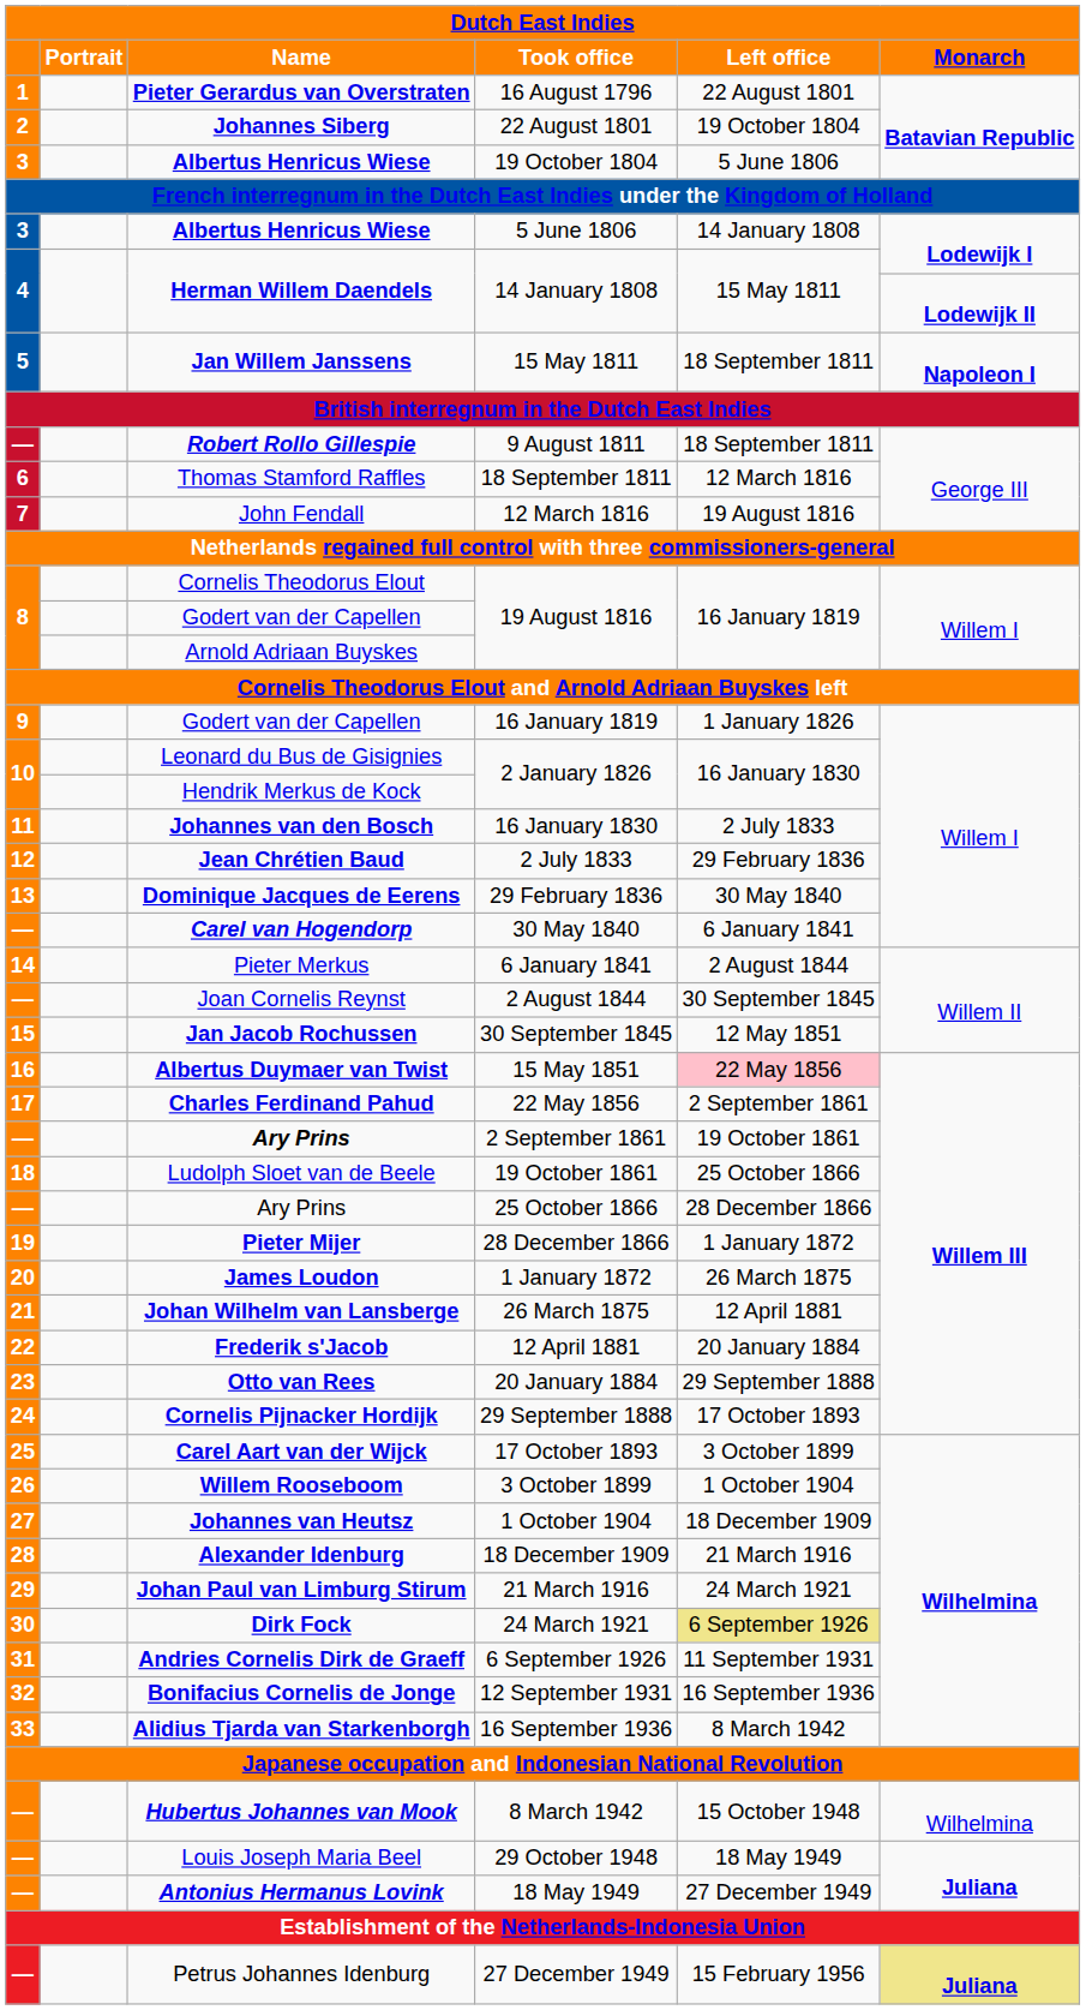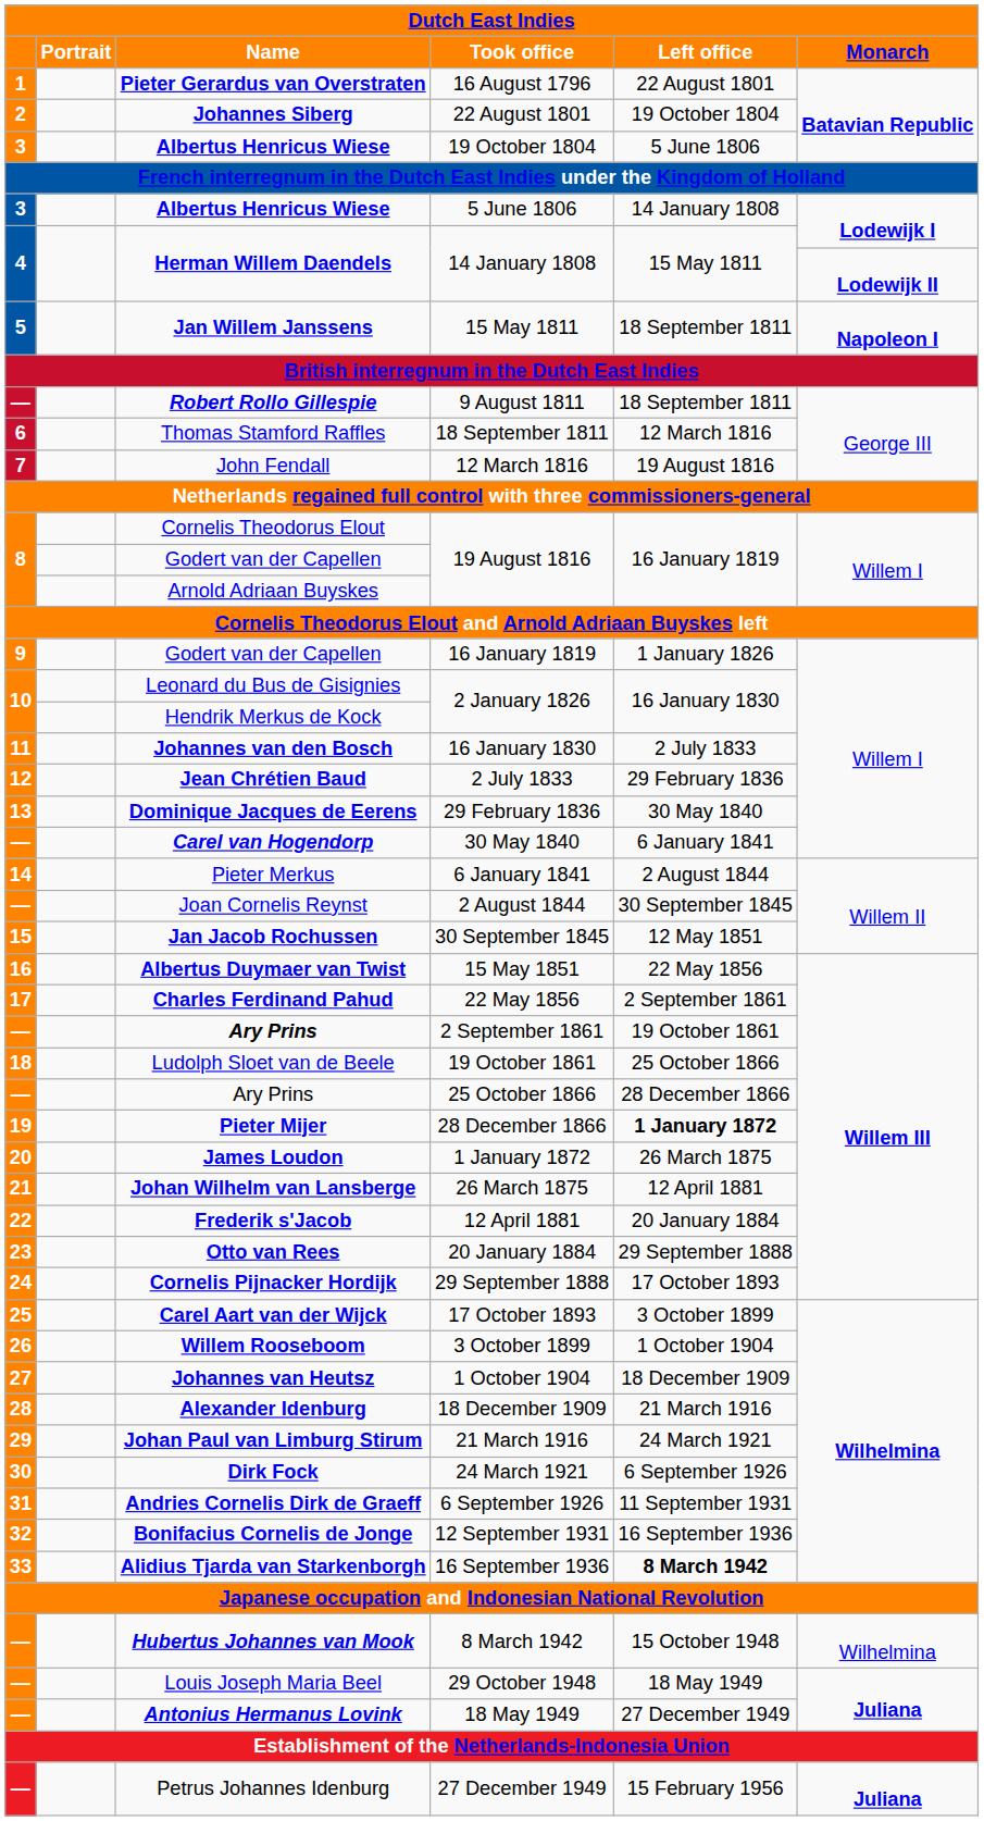 <table class="wikitable" style="text-align:center">
 <tr>
 <th style="background:#FD8301; color:white;" colspan="6"> <a href='#'><span>Dutch East Indies</span></a></th>
 </tr>
 <tr>
 <th style="background:#FD8301; color:white;"></th>
 <th style="background:#FD8301; color:white;">Portrait</th>
 <th style="background:#FD8301; color:white;">Name</th>
 <th style="background:#FD8301; color:white;">Took office</th>
 <th style="background:#FD8301; color:white;">Left office</th>
 <th style="background:#FD8301; color:white;"><a href='#'><span>Monarch</span></a></th>
 </tr>
 <tr>
 <th style="background:#FD8301; color:white;">1</th>
 <td></td>
 <td><strong><a href='#'>Pieter Gerardus van Overstraten</a></strong><br></td>
 <td>16 August 1796</td>
 <td>22 August 1801</td>
 <td rowspan="3"><br><strong><a href='#'>Batavian Republic</a></strong></td>
 </tr>
 <tr>
 <th style="background:#FD8301; color:white;">2</th>
 <td></td>
 <td><strong><a href='#'>Johannes Siberg</a></strong><br></td>
 <td>22 August 1801</td>
 <td>19 October 1804</td>
 </tr>
 <tr>
 <th style="background:#FD8301; color:white;">3</th>
 <td></td>
 <td><strong><a href='#'>Albertus Henricus Wiese</a></strong><br></td>
 <td>19 October 1804</td>
 <td>5 June 1806</td>
 </tr>
 <tr>
 <th style="background:#0055A4; color:#FFFFFF;" colspan="6"><a href='#'><span>French interregnum in the Dutch East Indies</span></a> under the <a href='#'><span>Kingdom of Holland</span></a></th>
 </tr>
 <tr>
 <th style="background:#0055A4; color:#FFFFFF;">3</th>
 <td></td>
 <td><strong><a href='#'>Albertus Henricus Wiese</a></strong><br></td>
 <td>5 June 1806</td>
 <td>14 January 1808</td>
 <td rowspan="2"><br><strong><a href='#'>Lodewijk I</a></strong></td>
 </tr>
 <tr>
 <th style="background:#0055A4; color:#FFFFFF;" rowspan="2">4</th>
 <td rowspan="2"></td>
 <td rowspan="2"><strong><a href='#'>Herman Willem Daendels</a></strong><br></td>
 <td rowspan="2">14 January 1808</td>
 <td rowspan="2">15 May 1811</td>
 </tr>
 <tr>
 <td><br><strong><a href='#'>Lodewijk II</a></strong></td>
 </tr>
 <tr>
 <th style="background:#0055A4; color:#FFFFFF;">5</th>
 <td></td>
 <td><strong><a href='#'>Jan Willem Janssens</a></strong><br></td>
 <td>15 May 1811</td>
 <td>18 September 1811</td>
 <td><br><strong><a href='#'>Napoleon I</a></strong></td>
 </tr>
 <tr>
 <th style="background:#C8102E; color:#FFFFFF;" colspan="6"><a href='#'><span>British interregnum in the Dutch East Indies</span></a></th>
 </tr>
 <tr>
 <th style="background:#C8102E; color:#FFFFFF;">—</th>
 <td></td>
 <td><strong><em><a href='#'>Robert Rollo Gillespie</a><strong><br><em></td>
 <td>9 August 1811</td>
 <td>18 September 1811</td>
 <td rowspan="3"><br></strong><a href='#'>George III</a><strong></td>
 </tr>
 <tr>
 <th style="background:#C8102E; color:#FFFFFF;">6</th>
 <td></td>
 <td></strong><a href='#'>Thomas Stamford Raffles</a><strong><br></td>
 <td>18 September 1811</td>
 <td>12 March 1816</td>
 </tr>
 <tr>
 <th style="background:#C8102E; color:#FFFFFF;">7</th>
 <td></td>
 <td></strong><a href='#'>John Fendall</a><strong><br></td>
 <td>12 March 1816</td>
 <td>19 August 1816</td>
 </tr>
 <tr>
 <th style="background:#FD8301; color:white;" colspan="6">Netherlands <a href='#'><span>regained full control</span></a> with three <a href='#'><span>commissioners-general</span></a></th>
 </tr>
 <tr>
 <th rowspan="3" style="background:#FD8301; color:white;">8</th>
 <td></td>
 <td></strong><a href='#'>Cornelis Theodorus Elout</a><strong><br></td>
 <td rowspan="3">19 August 1816</td>
 <td rowspan="3">16 January 1819</td>
 <td rowspan="3"><br></strong><a href='#'>Willem I</a><strong></td>
 </tr>
 <tr>
 <td></td>
 <td></strong><a href='#'>Godert van der Capellen</a><strong><br></td>
 </tr>
 <tr>
 <td></td>
 <td></strong><a href='#'>Arnold Adriaan Buyskes</a><strong><br></td>
 </tr>
 <tr>
 <th style="background:#FD8301; color:white;" colspan="6"><a href='#'><span>Cornelis Theodorus Elout</span></a> and <a href='#'><span>Arnold Adriaan Buyskes</span></a> left</th>
 </tr>
 <tr>
 <th style="background:#FD8301; color:white;">9</th>
 <td></td>
 <td></strong><a href='#'>Godert van der Capellen</a><strong><br></td>
 <td>16 January 1819</td>
 <td>1 January 1826</td>
 <td rowspan="7"><br></strong><a href='#'>Willem I</a><strong></td>
 </tr>
 <tr>
 <th rowspan="2" style="background:#FD8301; color:white;">10</th>
 <td></td>
 <td></strong><a href='#'>Leonard du Bus de Gisignies</a><strong><br></td>
 <td rowspan="2">2 January 1826</td>
 <td rowspan="2">16 January 1830</td>
 </tr>
 <tr>
 <td></td>
 <td></em></strong><a href='#'>Hendrik Merkus de Kock</a></strong><br></em></td>
 </tr>
 <tr>
 <th style="background:#FD8301; color:white;">11</th>
 <td></td>
 <td><strong><a href='#'>Johannes van den Bosch</a></strong><br></td>
 <td>16 January 1830</td>
 <td>2 July 1833</td>
 </tr>
 <tr>
 <th style="background:#FD8301; color:white;">12</th>
 <td></td>
 <td><strong><a href='#'>Jean Chrétien Baud</a></strong><br></td>
 <td>2 July 1833</td>
 <td>29 February 1836</td>
 </tr>
 <tr>
 <th style="background:#FD8301; color:white;">13</th>
 <td></td>
 <td><strong><a href='#'>Dominique Jacques de Eerens</a></strong><br></td>
 <td>29 February 1836</td>
 <td>30 May 1840</td>
 </tr>
 <tr>
 <th style="background:#FD8301; color:white;">—</th>
 <td></td>
 <td><strong><em><a href='#'>Carel van Hogendorp</a><strong><br><em></td>
 <td>30 May 1840</td>
 <td>6 January 1841</td>
 </tr>
 <tr>
 <th style="background:#FD8301; color:white;">14</th>
 <td></td>
 <td></strong><a href='#'>Pieter Merkus</a><strong><br></td>
 <td>6 January 1841</td>
 <td>2 August 1844</td>
 <td rowspan="3"><br></strong><a href='#'>Willem II</a><strong></td>
 </tr>
 <tr>
 <th style="background:#FD8301; color:white;">—</th>
 <td></td>
 <td></em></strong><a href='#'>Joan Cornelis Reynst</a></strong><br></em></td>
 <td>2 August 1844</td>
 <td>30 September 1845</td>
 </tr>
 <tr>
 <th style="background:#FD8301; color:white;">15</th>
 <td></td>
 <td><strong><a href='#'>Jan Jacob Rochussen</a></strong><br></td>
 <td>30 September 1845</td>
 <td>12 May 1851</td>
 </tr>
 <tr>
 <th style="background:#FD8301; color:white;">16</th>
 <td></td>
 <td><strong><a href='#'>Albertus Duymaer van Twist</a></strong><br></td>
 <td>15 May 1851</td>
-<td style="background: pink;">22 May 1856</td>
+<td>22 May 1856</td>
 <td rowspan="11"><br><strong><a href='#'>Willem III</a></strong></td>
 </tr>
 <tr>
 <th style="background:#FD8301; color:white;">17</th>
 <td></td>
 <td><strong><a href='#'>Charles Ferdinand Pahud</a></strong><br></td>
 <td>22 May 1856</td>
 <td>2 September 1861</td>
 </tr>
 <tr>
 <th style="background:#FD8301; color:white;">—</th>
 <td></td>
 <td><strong><em>Ary Prins<strong><br><em></td>
 <td>2 September 1861</td>
 <td>19 October 1861</td>
 </tr>
 <tr>
 <th style="background:#FD8301; color:white;">18</th>
 <td></td>
 <td></strong><a href='#'>Ludolph Sloet van de Beele</a><strong><br></td>
 <td>19 October 1861</td>
 <td>25 October 1866</td>
 </tr>
 <tr>
 <th style="background:#FD8301; color:white;">—</th>
 <td></td>
 <td></em></strong>Ary Prins</strong><br></em></td>
 <td>25 October 1866</td>
 <td>28 December 1866</td>
 </tr>
 <tr>
 <th style="background:#FD8301; color:white;">19</th>
 <td></td>
 <td><strong><a href='#'>Pieter Mijer</a></strong><br></td>
 <td>28 December 1866</td>
-<td>1 January 1872</td>
+<td><strong>1 January 1872</strong></td>
 </tr>
 <tr>
 <th style="background:#FD8301; color:white;">20</th>
 <td></td>
 <td><strong><a href='#'>James Loudon</a></strong><br></td>
 <td>1 January 1872</td>
 <td>26 March 1875</td>
 </tr>
 <tr>
 <th style="background:#FD8301; color:white;">21</th>
 <td></td>
 <td><strong><a href='#'>Johan Wilhelm van Lansberge</a></strong><br></td>
 <td>26 March 1875</td>
 <td>12 April 1881</td>
 </tr>
 <tr>
 <th style="background:#FD8301; color:white;">22</th>
 <td></td>
 <td><strong><a href='#'>Frederik s'Jacob</a></strong><br></td>
 <td>12 April 1881</td>
 <td>20 January 1884</td>
 </tr>
 <tr>
 <th style="background:#FD8301; color:white;">23</th>
 <td></td>
 <td><strong><a href='#'>Otto van Rees</a></strong><br></td>
 <td>20 January 1884</td>
 <td>29 September 1888</td>
 </tr>
 <tr>
 <th style="background:#FD8301; color:white;">24</th>
 <td></td>
 <td><strong><a href='#'>Cornelis Pijnacker Hordijk</a></strong><br></td>
 <td>29 September 1888</td>
 <td>17 October 1893</td>
 </tr>
 <tr>
 <th style="background:#FD8301; color:white;">25</th>
 <td></td>
 <td><strong><a href='#'>Carel Aart van der Wijck</a></strong><br></td>
 <td>17 October 1893</td>
 <td>3 October 1899</td>
 <td rowspan="9"><br><strong><a href='#'>Wilhelmina</a></strong></td>
 </tr>
 <tr>
 <th style="background:#FD8301; color:white;">26</th>
 <td></td>
 <td><strong><a href='#'>Willem Rooseboom</a></strong><br></td>
 <td>3 October 1899</td>
 <td>1 October 1904</td>
 </tr>
 <tr>
 <th style="background:#FD8301; color:white;">27</th>
 <td></td>
 <td><strong><a href='#'>Johannes van Heutsz</a></strong><br></td>
 <td>1 October 1904</td>
 <td>18 December 1909</td>
 </tr>
 <tr>
 <th style="background:#FD8301; color:white;">28</th>
 <td></td>
 <td><strong><a href='#'>Alexander Idenburg</a></strong><br></td>
 <td>18 December 1909</td>
 <td>21 March 1916</td>
 </tr>
 <tr>
 <th style="background:#FD8301; color:white;">29</th>
 <td></td>
 <td><strong><a href='#'>Johan Paul van Limburg Stirum</a></strong><br></td>
 <td>21 March 1916</td>
 <td>24 March 1921</td>
 </tr>
 <tr>
 <th style="background:#FD8301; color:white;">30</th>
 <td></td>
 <td><strong><a href='#'>Dirk Fock</a></strong><br></td>
 <td>24 March 1921</td>
-<td style="background: khaki;">6 September 1926</td>
+<td>6 September 1926</td>
 </tr>
 <tr>
 <th style="background:#FD8301; color:white;">31</th>
 <td></td>
 <td><strong><a href='#'>Andries Cornelis Dirk de Graeff</a></strong><br></td>
 <td>6 September 1926</td>
 <td>11 September 1931</td>
 </tr>
 <tr>
 <th style="background:#FD8301; color:white;">32</th>
 <td></td>
 <td><strong><a href='#'>Bonifacius Cornelis de Jonge</a></strong><br></td>
 <td>12 September 1931</td>
 <td>16 September 1936</td>
 </tr>
 <tr>
 <th style="background:#FD8301; color:white;">33</th>
 <td></td>
 <td><strong><a href='#'>Alidius Tjarda van Starkenborgh</a></strong><br></td>
 <td>16 September 1936</td>
-<td>8 March 1942</td>
+<td><strong>8 March 1942</strong></td>
 </tr>
 <tr>
 <th style="background:#FD8301; color:white;" colspan="6"><a href='#'><span>Japanese occupation</span></a> and <a href='#'><span>Indonesian National Revolution</span></a></th>
 </tr>
 <tr>
 <th style="background:#FD8301; color:white;">—</th>
 <td></td>
 <td><strong><em><a href='#'>Hubertus Johannes van Mook</a><strong><br><em></td>
 <td>8 March 1942</td>
 <td>15 October 1948</td>
 <td><br></strong><a href='#'>Wilhelmina</a><strong></td>
 </tr>
 <tr>
 <th style="background:#FD8301; color:white;">—</th>
 <td></td>
 <td></em></strong><a href='#'>Louis Joseph Maria Beel</a></strong><br></em></td>
 <td>29 October 1948</td>
 <td>18 May 1949</td>
 <td rowspan="2"><br><strong><a href='#'>Juliana</a></strong></td>
 </tr>
 <tr>
 <th style="background:#FD8301; color:white;">—</th>
 <td></td>
 <td><strong><em><a href='#'>Antonius Hermanus Lovink</a><strong><br><em></td>
 <td>18 May 1949</td>
 <td>27 December 1949</td>
 </tr>
 <tr>
 <th style="background:#ED1C24; color:white;" colspan="6">Establishment of the <a href='#'><span>Netherlands-Indonesia Union</span></a></th>
 </tr>
 <tr>
 <th style="background:#ED1C24; color:white;">—</th>
 <td></td>
 <td></em></strong>Petrus Johannes Idenburg</strong><br></em></td>
 <td>27 December 1949</td>
 <td>15 February 1956</td>
-<td style="background: khaki;"><br><strong><a href='#'>Juliana</a></strong></td>
+<td><br><strong><a href='#'>Juliana</a></strong></td>
 </tr>
 </table>
